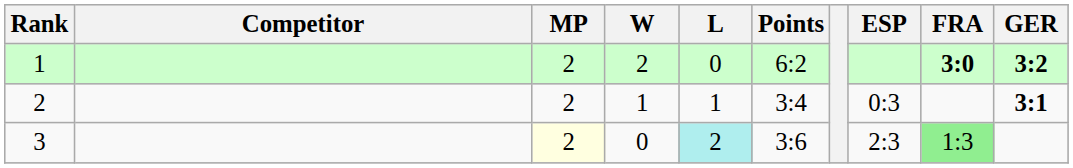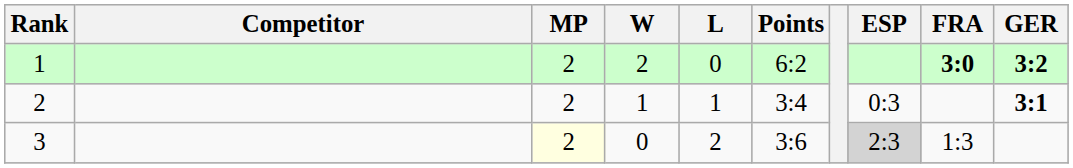 <table class="wikitable" style="text-align:center">
 <tr>
 <th>Rank</th>
 <th style="width:18em">Competitor</th>
 <th style="width:2.5em">MP</th>
 <th style="width:2.5em">W</th>
 <th style="width:2.5em">L</th>
 <th>Points</th>
 <th rowspan="4"> </th>
 <th style="width:2.5em">ESP</th>
 <th style="width:2.5em">FRA</th>
 <th style="width:2.5em">GER</th>
 </tr>
 <tr style="background:#cfc;">
 <td>1</td>
 <td style="text-align:left"></td>
 <td>2</td>
 <td>2</td>
 <td>0</td>
 <td>6:2</td>
 <td></td>
 <td><strong>3:0</strong></td>
 <td><strong>3:2</strong></td>
 </tr>
 <tr>
 <td>2</td>
 <td style="text-align:left"></td>
 <td>2</td>
 <td>1</td>
 <td>1</td>
 <td>3:4</td>
 <td>0:3</td>
 <td></td>
 <td><strong>3:1</strong></td>
 </tr>
 <tr>
 <td>3</td>
 <td style="text-align:left"></td>
 <td style="background: lightyellow;">2</td>
 <td>0</td>
-<td style="background: paleturquoise;">2</td>
+<td>2</td>
 <td>3:6</td>
-<td>2:3</td>
-<td style="background: lightgreen;">1:3</td>
+<td style="background: lightgrey;">2:3</td>
+<td>1:3</td>
 <td></td>
 </tr>
 </table>
